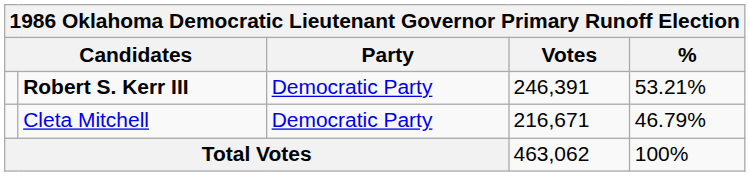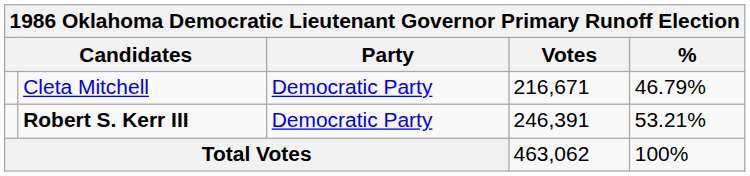 <table class="wikitable">
 <tr>
 <th colspan="5"><strong>1986 Oklahoma Democratic Lieutenant Governor Primary Runoff Election</strong></th>
 </tr>
 <tr>
 <th colspan="2">Candidates</th>
 <th>Party</th>
 <th>Votes</th>
 <th>%</th>
 </tr>
 <tr>
 <td></td>
+<td><a href='#'>Cleta Mitchell</a></td>
+<td><a href='#'>Democratic Party</a></td>
+<td>216,671</td>
+<td>46.79%</td>
+</tr>
+<tr>
+<td></td>
 <td><strong>Robert S. Kerr III</strong></td>
 <td><a href='#'>Democratic Party</a></td>
 <td>246,391</td>
 <td>53.21%</td>
-</tr>
-<tr>
-<td></td>
-<td><a href='#'>Cleta Mitchell</a></td>
-<td><a href='#'>Democratic Party</a></td>
-<td>216,671</td>
-<td>46.79%</td>
 </tr>
 <tr>
 <th colspan="3"><strong>Total Votes</strong></th>
 <td>463,062</td>
 <td>100%</td>
 </tr>
 </table>
